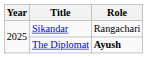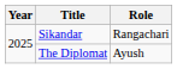 <table class="wikitable" style="text-align:left">
 <tr>
 <th>Year</th>
 <th>Title</th>
 <th>Role</th>
 </tr>
 <tr>
 <td rowspan="2">2025</td>
 <td><a href='#'>Sikandar</a></td>
 <td>Rangachari</td>
 </tr>
 <tr>
 <td><a href='#'>The Diplomat</a></td>
-<td><strong>Ayush</strong></td>
+<td>Ayush</td>
 </tr>
 </table>
